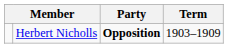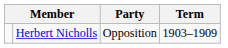 <table class="wikitable">
 <tr>
 <th colspan=2>Member</th>
 <th>Party</th>
 <th>Term</th>
 </tr>
 <tr>
 <td> </td>
 <td><a href='#'>Herbert Nicholls</a></td>
-<td><strong>Opposition</strong></td>
+<td>Opposition</td>
 <td>1903–1909</td>
 </tr>
 </table>
